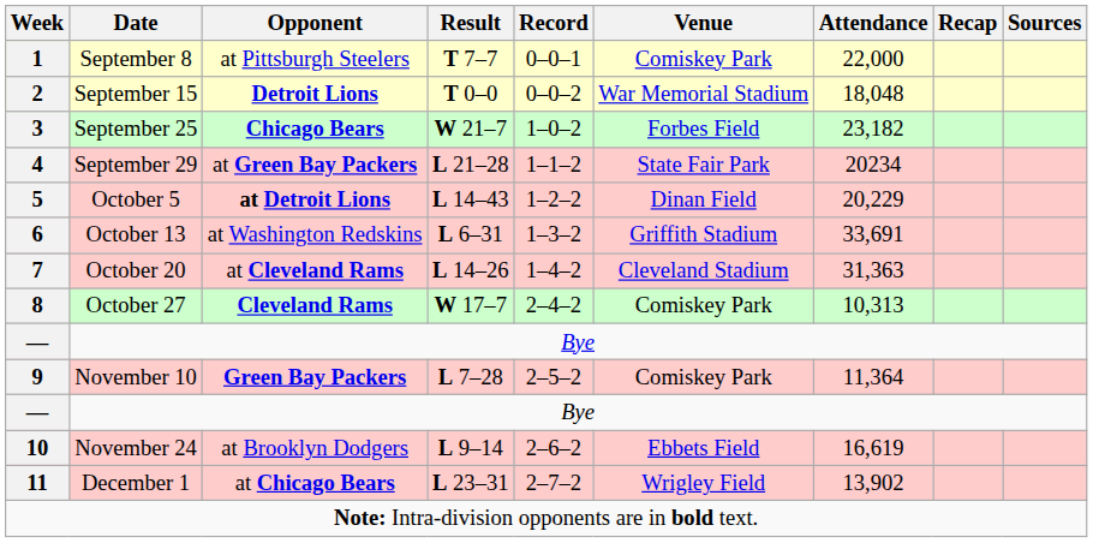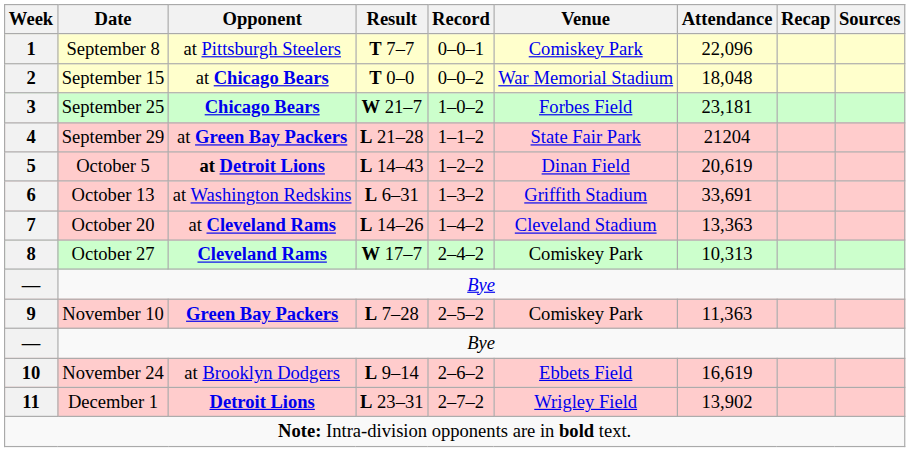 <table class="wikitable" style="text-align:center">
 <tr>
 <th>Week</th>
 <th>Date</th>
 <th>Opponent</th>
 <th>Result</th>
 <th>Record</th>
 <th>Venue</th>
 <th>Attendance</th>
 <th>Recap</th>
 <th>Sources</th>
 </tr>
 <tr style="background: #ffc;">
 <th>1</th>
 <td>September 8</td>
 <td>at <a href='#'>Pittsburgh Steelers</a></td>
 <td><strong>T</strong> 7–7</td>
 <td>0–0–1</td>
 <td><a href='#'>Comiskey Park</a></td>
-<td>22,000</td>
+<td>22,096</td>
 <td></td>
 <td></td>
 </tr>
 <tr style="background: #ffc;">
 <th>2</th>
 <td>September 15</td>
-<td><strong><a href='#'>Detroit Lions</a></strong></td>
+<td>at <strong><a href='#'>Chicago Bears</a></strong></td>
 <td><strong>T</strong> 0–0</td>
 <td>0–0–2</td>
 <td><a href='#'>War Memorial Stadium</a></td>
 <td>18,048</td>
 <td></td>
 <td></td>
 </tr>
 <tr style="background: #cfc;">
 <th>3</th>
 <td>September 25</td>
 <td><strong><a href='#'>Chicago Bears</a></strong></td>
 <td><strong>W</strong> 21–7</td>
 <td>1–0–2</td>
 <td><a href='#'>Forbes Field</a></td>
-<td>23,182</td>
+<td>23,181</td>
 <td></td>
 <td></td>
 </tr>
 <tr style="background: #fcc;">
 <th>4</th>
 <td>September 29</td>
 <td>at <strong><a href='#'>Green Bay Packers</a></strong></td>
 <td><strong>L</strong> 21–28</td>
 <td>1–1–2</td>
 <td><a href='#'>State Fair Park</a></td>
-<td>20234</td>
+<td>21204</td>
 <td></td>
 <td></td>
 </tr>
 <tr style="background: #fcc;">
 <th>5</th>
 <td>October 5</td>
 <td><strong>at <a href='#'>Detroit Lions</a></strong></td>
 <td><strong>L</strong> 14–43</td>
 <td>1–2–2</td>
 <td><a href='#'>Dinan Field</a></td>
-<td>20,229</td>
+<td>20,619</td>
 <td></td>
 <td></td>
 </tr>
 <tr style="background: #fcc;">
 <th>6</th>
 <td>October 13</td>
 <td>at <a href='#'>Washington Redskins</a></td>
 <td><strong>L</strong> 6–31</td>
 <td>1–3–2</td>
 <td><a href='#'>Griffith Stadium</a></td>
 <td>33,691</td>
 <td></td>
 <td></td>
 </tr>
 <tr style="background: #fcc;">
 <th>7</th>
 <td>October 20</td>
 <td>at <strong><a href='#'>Cleveland Rams</a></strong></td>
 <td><strong>L</strong> 14–26</td>
 <td>1–4–2</td>
 <td><a href='#'>Cleveland Stadium</a></td>
-<td>31,363</td>
+<td>13,363</td>
 <td></td>
 <td></td>
 </tr>
 <tr style="background: #cfc;">
 <th>8</th>
 <td>October 27</td>
 <td><strong><a href='#'>Cleveland Rams</a></strong></td>
 <td><strong>W</strong> 17–7</td>
 <td>2–4–2</td>
 <td>Comiskey Park</td>
 <td>10,313</td>
 <td></td>
 <td></td>
 </tr>
 <tr>
 <th>—</th>
 <td colspan="9"><em><a href='#'>Bye</a></em></td>
 </tr>
 <tr style="background: #fcc;">
 <th>9</th>
 <td>November 10</td>
 <td><strong><a href='#'>Green Bay Packers</a></strong></td>
 <td><strong>L</strong> 7–28</td>
 <td>2–5–2</td>
 <td>Comiskey Park</td>
-<td>11,364</td>
+<td>11,363</td>
 <td></td>
 <td></td>
 </tr>
 <tr>
 <th>—</th>
 <td colspan="9"><em>Bye</em></td>
 </tr>
 <tr style="background: #fcc;">
 <th>10</th>
 <td>November 24</td>
 <td>at <a href='#'>Brooklyn Dodgers</a></td>
 <td><strong>L</strong> 9–14</td>
 <td>2–6–2</td>
 <td><a href='#'>Ebbets Field</a></td>
 <td>16,619</td>
 <td></td>
 <td></td>
 </tr>
 <tr style="background: #fcc;">
 <th>11</th>
 <td>December 1</td>
-<td>at <strong><a href='#'>Chicago Bears</a></strong></td>
+<td><strong><a href='#'>Detroit Lions</a></strong></td>
 <td><strong>L</strong> 23–31</td>
 <td>2–7–2</td>
 <td><a href='#'>Wrigley Field</a></td>
 <td>13,902</td>
 <td></td>
 <td></td>
 </tr>
 <tr>
 <td colspan="10"><strong>Note:</strong> Intra-division opponents are in <strong>bold</strong> text.</td>
 </tr>
 </table>
